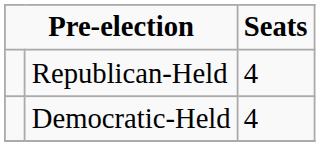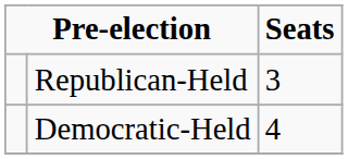 <table class= "wikitable">
 <tr>
 <td colspan= "2" rowspan= "1" align= "center" valign= "top"><strong>Pre-election</strong></td>
 <td valign= "top"><strong>Seats</strong><br></td>
 </tr>
 <tr>
 <td style="background-color:"> </td>
 <td>Republican-Held</td>
-<td>4</td>
+<td>3</td>
 </tr>
 <tr>
 <td style="background-color:"> </td>
 <td>Democratic-Held</td>
 <td>4</td>
 </tr>
 <tr>
 </tr>
 </table>
